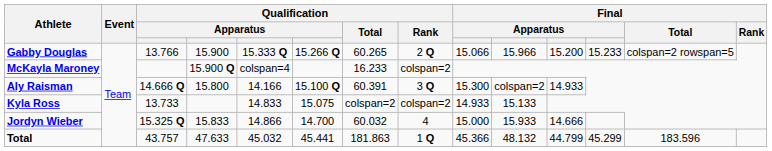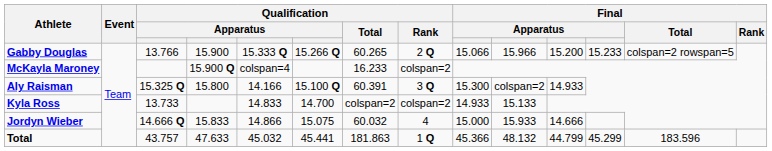 <table class=wikitable style=font-size:90%;text-align:center>
 <tr>
 <th rowspan=3>Athlete</th>
 <th rowspan=3>Event</th>
 <th colspan=6>Qualification</th>
 <th colspan=6>Final</th>
 </tr>
 <tr style=font-size:95%>
 <th colspan=4>Apparatus</th>
 <th rowspan=2>Total</th>
 <th rowspan=2>Rank</th>
 <th colspan=4>Apparatus</th>
 <th rowspan=2>Total</th>
 <th rowspan=2>Rank</th>
 </tr>
 <tr style=font-size:95%>
 <th></th>
 <th></th>
 <th></th>
 <th></th>
 <th></th>
 <th></th>
 <th></th>
 <th></th>
 </tr>
 <tr>
 <td align=left><strong><a href='#'>Gabby Douglas</a></strong></td>
 <td align=left rowspan=6><a href='#'>Team</a></td>
 <td>13.766</td>
 <td>15.900</td>
 <td>15.333 <strong>Q</strong></td>
 <td>15.266 <strong>Q</strong></td>
 <td>60.265</td>
 <td>2 <strong>Q</strong></td>
 <td>15.066</td>
 <td>15.966</td>
 <td>15.200</td>
 <td>15.233</td>
 <td>colspan=2 rowspan=5 </td>
 </tr>
 <tr>
 <td align=left><strong><a href='#'>McKayla Maroney</a></strong></td>
 <td></td>
 <td>15.900 <strong>Q</strong></td>
 <td>colspan=4 </td>
 <td></td>
 <td>16.233</td>
 <td>colspan=2 </td>
 </tr>
 <tr>
 <td align=left><strong><a href='#'>Aly Raisman</a></strong></td>
-<td>14.666 <strong>Q</strong></td>
+<td>15.325 <strong>Q</strong></td>
 <td>15.800</td>
 <td>14.166</td>
 <td>15.100 <strong>Q</strong></td>
 <td>60.391</td>
 <td>3 <strong>Q</strong></td>
 <td>15.300</td>
 <td>colspan=2 </td>
 <td>14.933</td>
 </tr>
 <tr>
 <td align=left><strong><a href='#'>Kyla Ross</a></strong></td>
 <td>13.733</td>
 <td></td>
 <td>14.833</td>
-<td>15.075</td>
+<td>14.700</td>
 <td>colspan=2 </td>
 <td>colspan=2 </td>
 <td>14.933</td>
 <td>15.133</td>
 </tr>
 <tr>
 <td align=left><strong><a href='#'>Jordyn Wieber</a></strong></td>
-<td>15.325 <strong>Q</strong></td>
+<td>14.666 <strong>Q</strong></td>
 <td>15.833</td>
 <td>14.866</td>
-<td>14.700</td>
+<td>15.075</td>
 <td>60.032</td>
 <td>4</td>
 <td>15.000</td>
 <td>15.933</td>
 <td>14.666</td>
 <td></td>
 </tr>
 <tr>
 <td align=left><strong>Total</strong></td>
 <td>43.757</td>
 <td>47.633</td>
 <td>45.032</td>
 <td>45.441</td>
 <td>181.863</td>
 <td>1 <strong>Q</strong></td>
 <td>45.366</td>
 <td>48.132</td>
 <td>44.799</td>
 <td>45.299</td>
 <td>183.596</td>
 <td></td>
 </tr>
 </table>
